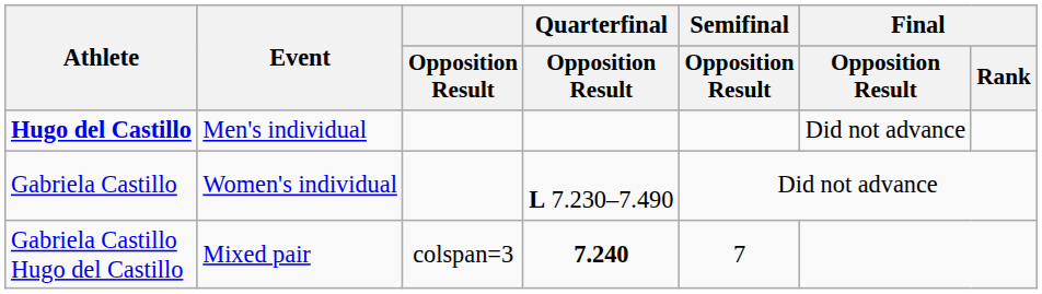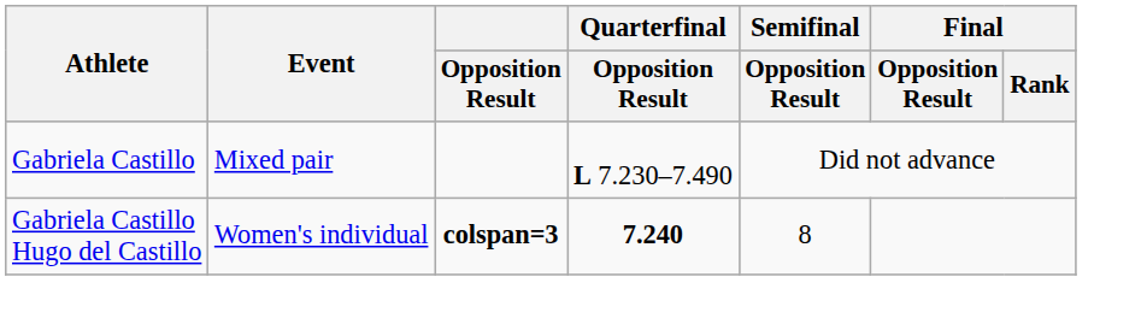 <table class=wikitable style=font-size:90%;text-align:center>
 <tr>
 <th rowspan=2>Athlete</th>
 <th rowspan=2>Event</th>
 <th></th>
 <th>Quarterfinal</th>
 <th>Semifinal</th>
 <th colspan="2">Final</th>
 </tr>
 <tr style=font-size:95%>
 <th>Opposition<br>Result</th>
 <th>Opposition<br>Result</th>
 <th>Opposition<br>Result</th>
 <th>Opposition<br>Result</th>
 <th>Rank</th>
 </tr>
-<tr>
-<td align=left><strong><a href='#'>Hugo del Castillo</a></strong></td>
-<td align=left><a href='#'>Men's individual</a></td>
-<td></td>
-<td><br></td>
-<td><br></td>
-<td>Did not advance</td>
-<td></td>
-</tr>
 <tr align=center>
 <td align=left><a href='#'>Gabriela Castillo</a></td>
-<td align=left><a href='#'>Women's individual</a></td>
+<td align=left><a href='#'>Mixed pair</a></td>
 <td></td>
 <td><br><strong>L</strong> 7.230–7.490</td>
 <td colspan=3>Did not advance</td>
 </tr>
 <tr align=center>
 <td align=left><a href='#'>Gabriela Castillo</a><br><a href='#'>Hugo del Castillo</a></td>
-<td align=left><a href='#'>Mixed pair</a></td>
-<td>colspan=3 </td>
+<td align=left><a href='#'>Women's individual</a></td>
+<td><strong>colspan=3 </strong></td>
 <td><strong>7.240</strong></td>
-<td>7</td>
+<td>8</td>
 </tr>
 </table>
